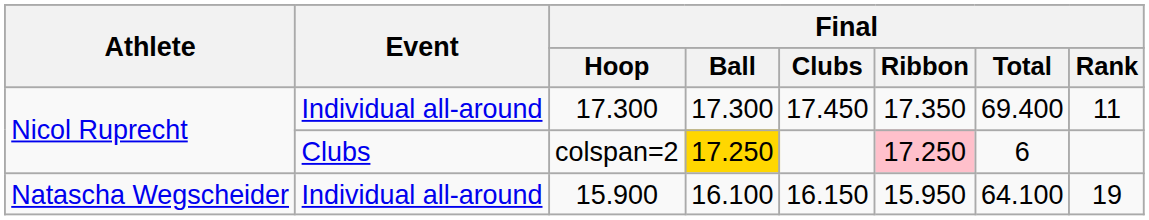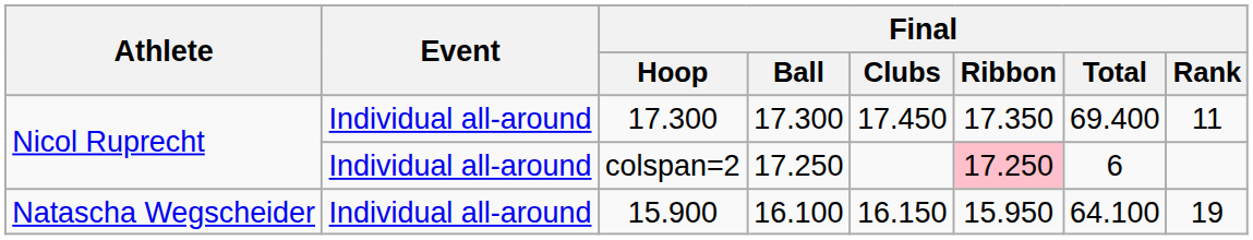 <table class=wikitable style="font-size:90%">
 <tr>
 <th rowspan="2">Athlete</th>
 <th rowspan="2">Event</th>
 <th colspan=6>Final</th>
 </tr>
 <tr style="font-size:95%">
 <th>Hoop</th>
 <th>Ball</th>
 <th>Clubs</th>
 <th>Ribbon</th>
 <th>Total</th>
 <th>Rank</th>
 </tr>
 <tr align=center>
 <td align=left rowspan=2><a href='#'>Nicol Ruprecht</a></td>
 <td align=left><a href='#'>Individual all-around</a></td>
 <td>17.300</td>
 <td>17.300</td>
 <td>17.450</td>
 <td>17.350</td>
 <td>69.400</td>
 <td>11</td>
 </tr>
 <tr align=center>
-<td align=left><a href='#'>Clubs</a></td>
+<td align=left><a href='#'>Individual all-around</a></td>
 <td>colspan=2 </td>
-<td style="background: gold;">17.250</td>
+<td>17.250</td>
 <td></td>
 <td style="background: pink;">17.250</td>
 <td>6</td>
 </tr>
 <tr align=center>
 <td align=left><a href='#'>Natascha Wegscheider</a></td>
 <td align=left><a href='#'>Individual all-around</a></td>
 <td>15.900</td>
 <td>16.100</td>
 <td>16.150</td>
 <td>15.950</td>
 <td>64.100</td>
 <td>19</td>
 </tr>
 </table>
